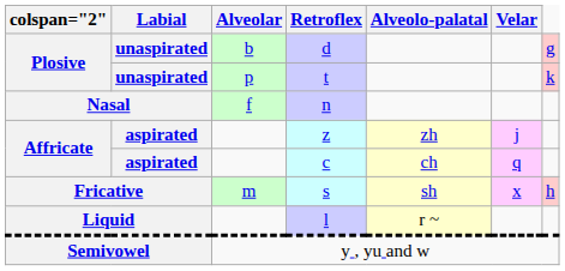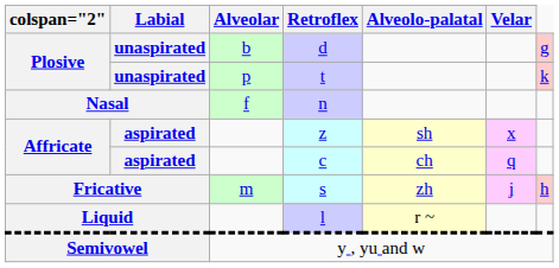 <table class=wikitable style="text-align:center;border:none">
 <tr>
 <th>colspan="2" </th>
 <th><a href='#'>Labial</a></th>
 <th><a href='#'>Alveolar</a></th>
 <th><a href='#'>Retroflex</a></th>
 <th><a href='#'>Alveolo-palatal</a></th>
 <th><a href='#'>Velar</a></th>
 </tr>
 <tr>
 <th rowspan="2"><a href='#'>Plosive</a></th>
 <th><a href='#'>unaspirated</a></th>
 <td style="background:#cfc"><a href='#'>b </a></td>
 <td style="background:#ccf"><a href='#'>d </a></td>
 <td></td>
 <td></td>
 <td style="background:#fcc"><a href='#'>g </a></td>
 </tr>
 <tr>
 <th><a href='#'>unaspirated</a></th>
 <td style="background:#cfc"><a href='#'>p </a></td>
 <td style="background:#ccf"><a href='#'>t </a></td>
 <td></td>
 <td></td>
 <td style="background:#fcc"><a href='#'>k </a></td>
 </tr>
 <tr>
 <th colspan="2"><a href='#'>Nasal</a></th>
 <td style="background:#cfc"><a href='#'>f </a></td>
 <td style="background:#ccf"><a href='#'>n </a></td>
 <td></td>
 <td></td>
 <td></td>
 </tr>
 <tr>
 <th rowspan="2"><a href='#'>Affricate</a></th>
 <th><a href='#'>aspirated</a></th>
 <td></td>
 <td style="background:#cff"><a href='#'>z </a></td>
-<td style="background:#ffc"><a href='#'>zh </a></td>
-<td style="background:#fcf"><a href='#'>j </a></td>
+<td style="background:#ffc"><a href='#'>sh </a></td>
+<td style="background:#fcf"><a href='#'>x </a></td>
 <td></td>
 </tr>
 <tr>
 <th><a href='#'>aspirated</a></th>
 <td></td>
 <td style="background:#cff"><a href='#'>c </a></td>
 <td style="background:#ffc"><a href='#'>ch </a></td>
 <td style="background:#fcf"><a href='#'>q </a></td>
 <td></td>
 </tr>
 <tr>
 <th colspan="2"><a href='#'>Fricative</a></th>
 <td style="background:#cfc"><a href='#'>m </a></td>
 <td style="background:#cff"><a href='#'>s </a></td>
-<td style="background:#ffc"><a href='#'>sh </a></td>
-<td style="background:#fcf"><a href='#'>x </a></td>
+<td style="background:#ffc"><a href='#'>zh </a></td>
+<td style="background:#fcf"><a href='#'>j </a></td>
 <td style="background:#fcc"><a href='#'>h </a></td>
 </tr>
 <tr>
 <th colspan="2"><a href='#'>Liquid</a></th>
 <td></td>
 <td style="background:#ccf"><a href='#'>l </a></td>
 <td style="background:#ffc">r <a href='#'> </a>~<a href='#'></a></td>
 <td></td>
 <td></td>
 </tr>
 <tr style="border-top:dashed">
 <th colspan="2"><a href='#'>Semivowel</a></th>
 <td colspan="5">y<a href='#'> </a>, yu<a href='#'> </a> and w <a href='#'></a></td>
 </tr>
 </table>
